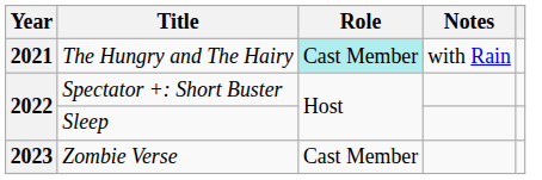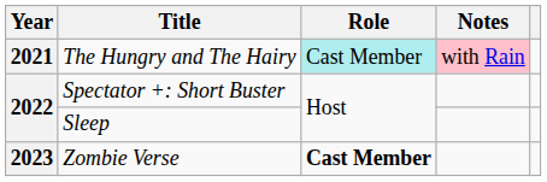 <table class="wikitable plainrowheaders">
 <tr>
 <th scope="col">Year</th>
 <th scope="col">Title</th>
 <th scope="col">Role</th>
 <th scope="col">Notes</th>
 <th scope="col" class="unsortable"></th>
 </tr>
 <tr>
 <th scope="row">2021</th>
 <td><em>The Hungry and The Hairy</em></td>
 <td style="background: paleturquoise;">Cast Member</td>
-<td>with <a href='#'>Rain</a></td>
+<td style="background: pink;">with <a href='#'>Rain</a></td>
 <td></td>
 </tr>
 <tr>
 <th scope="row" rowspan=2>2022</th>
 <td><em>Spectator +: Short Buster</em></td>
 <td rowspan=2>Host</td>
 <td></td>
 <td></td>
 </tr>
 <tr>
 <td><em>Sleep</em></td>
 <td></td>
 <td></td>
 </tr>
 <tr>
 <th scope="row">2023</th>
 <td><em>Zombie Verse</em></td>
-<td>Cast Member</td>
+<td><strong>Cast Member</strong></td>
 <td></td>
 <td></td>
 </tr>
 </table>
